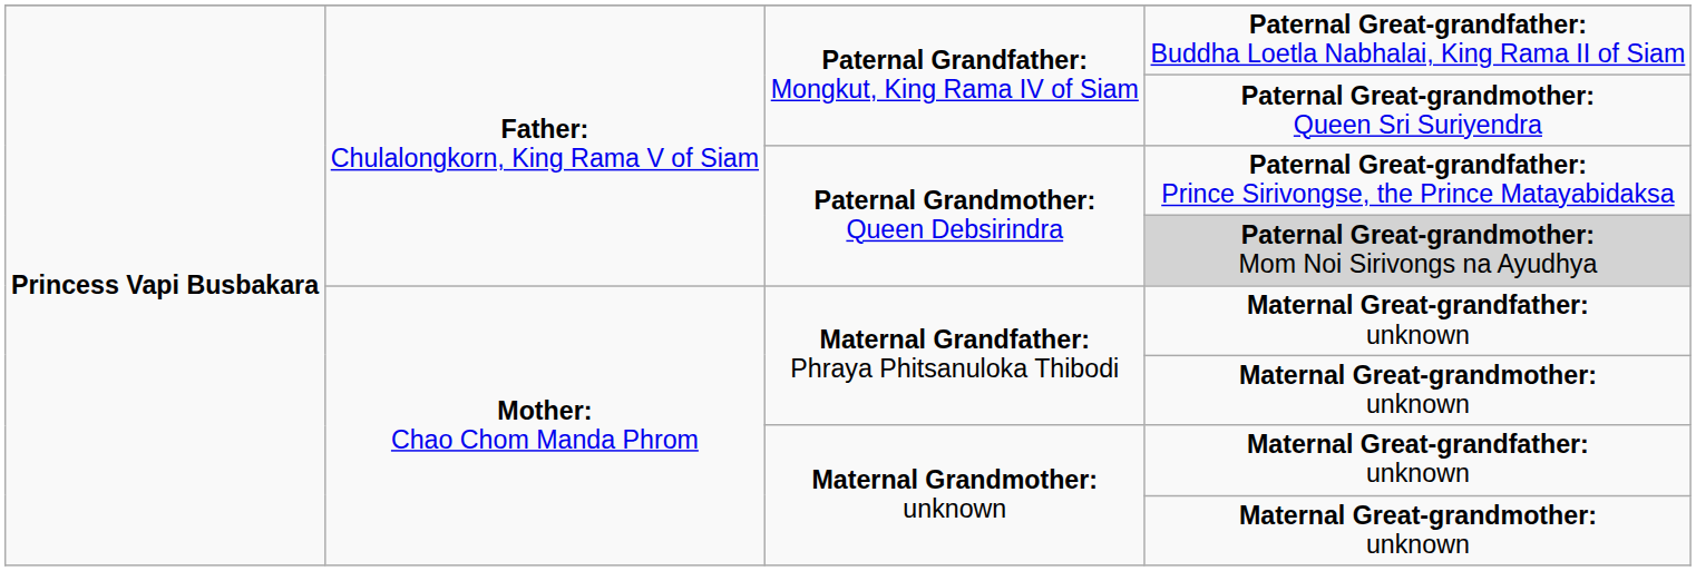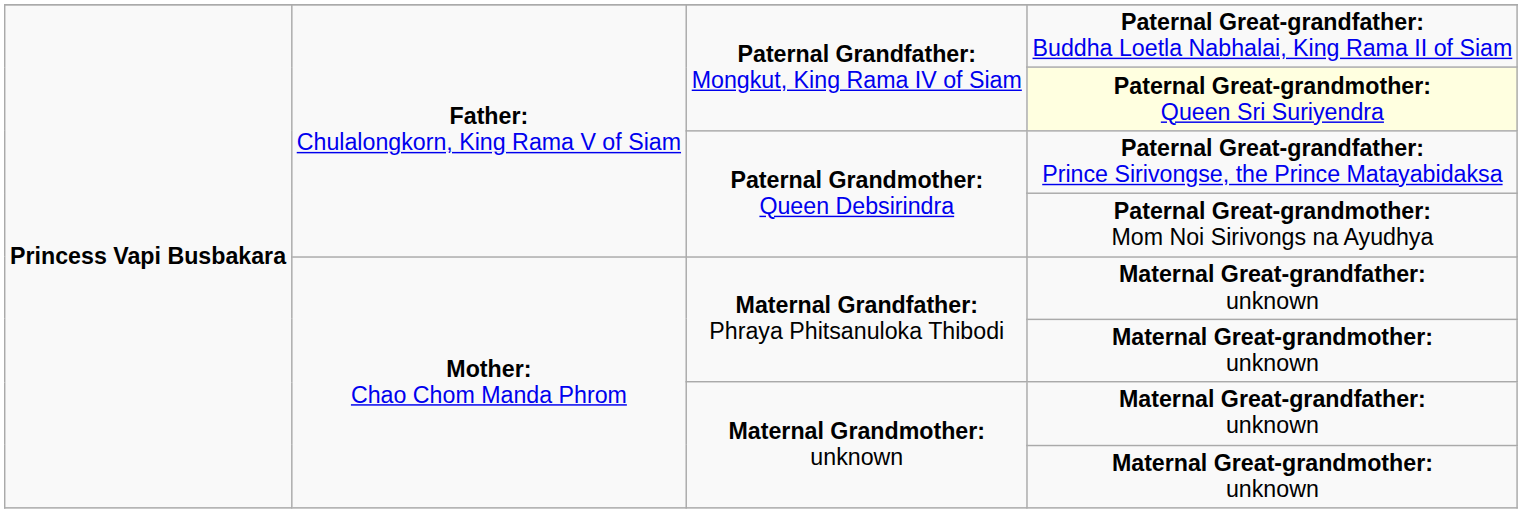 <table class="wikitable">
 <tr>
 </tr>
 <tr>
 <td rowspan="8" align="center"><strong>Princess Vapi Busbakara</strong></td>
 <td rowspan="4" align="center"><strong>Father:</strong><br><a href='#'>Chulalongkorn, King Rama V of Siam</a></td>
 <td rowspan="2" align="center"><strong>Paternal Grandfather:</strong><br><a href='#'>Mongkut, King Rama IV of Siam</a></td>
 <td align = "center"><strong>Paternal Great-grandfather:</strong><br><a href='#'>Buddha Loetla Nabhalai, King Rama II of Siam</a></td>
 </tr>
 <tr>
-<td align = "center"><strong>Paternal Great-grandmother:</strong><br><a href='#'>Queen Sri Suriyendra</a></td>
+<td align = "center" style="background: lightyellow;"><strong>Paternal Great-grandmother:</strong><br><a href='#'>Queen Sri Suriyendra</a></td>
 </tr>
 <tr>
 <td rowspan="2" align="center"><strong>Paternal Grandmother:</strong><br><a href='#'>Queen Debsirindra</a></td>
 <td align = "center"><strong>Paternal Great-grandfather:</strong><br><a href='#'>Prince Sirivongse, the Prince Matayabidaksa</a></td>
 </tr>
 <tr>
-<td align = "center" style="background: lightgrey;"><strong>Paternal Great-grandmother:</strong><br>Mom Noi Sirivongs na Ayudhya</td>
+<td align = "center"><strong>Paternal Great-grandmother:</strong><br>Mom Noi Sirivongs na Ayudhya</td>
 </tr>
 <tr>
 <td rowspan="4" align="center"><strong>Mother:</strong><br><a href='#'>Chao Chom Manda Phrom</a></td>
 <td rowspan="2" align="center"><strong>Maternal Grandfather:</strong><br>Phraya Phitsanuloka Thibodi</td>
 <td align = "center"><strong>Maternal Great-grandfather:</strong><br>unknown</td>
 </tr>
 <tr>
 <td align = "center"><strong>Maternal Great-grandmother:</strong><br>unknown</td>
 </tr>
 <tr>
 <td rowspan="2" align="center"><strong>Maternal Grandmother:</strong><br>unknown</td>
 <td align = "center"><strong>Maternal Great-grandfather:</strong><br>unknown</td>
 </tr>
 <tr>
 <td align = "center"><strong>Maternal Great-grandmother:</strong><br>unknown</td>
 </tr>
 </table>
